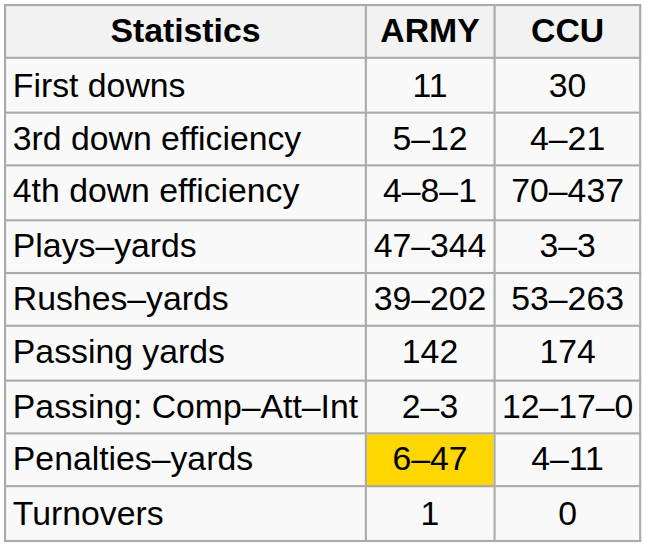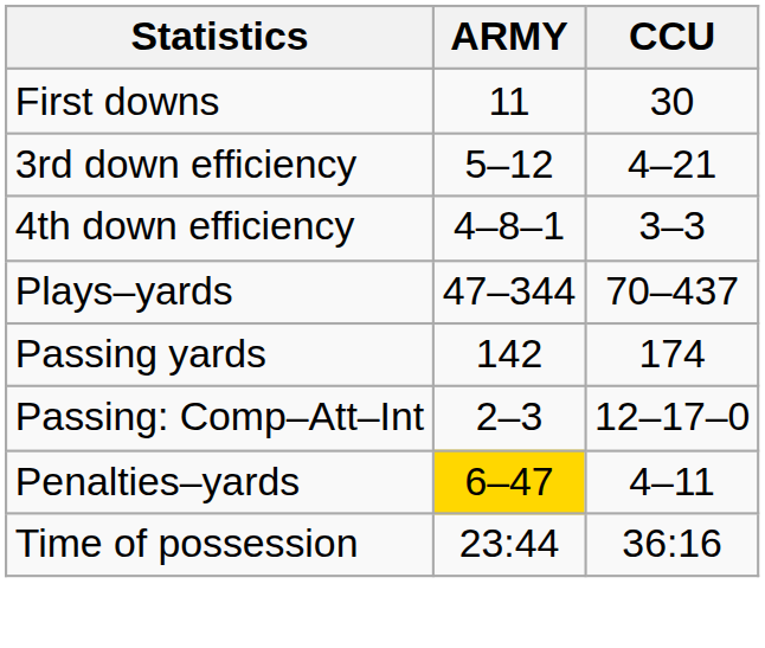 <table class="wikitable">
 <tr>
 <th>Statistics</th>
 <th>ARMY</th>
 <th>CCU</th>
 </tr>
 <tr>
 <td>First downs</td>
 <td align=center>11</td>
 <td align=center>30</td>
 </tr>
 <tr>
 <td>3rd down efficiency</td>
 <td align=center>5–12</td>
 <td align=center>4–21</td>
 </tr>
 <tr>
 <td>4th down efficiency</td>
 <td align=center>4–8–1</td>
-<td align=center>70–437</td>
+<td align=center>3–3</td>
 </tr>
 <tr>
 <td>Plays–yards</td>
 <td align=center>47–344</td>
-<td align=center>3–3</td>
-</tr>
-<tr>
-<td>Rushes–yards</td>
-<td align=center>39–202</td>
-<td align=center>53–263</td>
+<td align=center>70–437</td>
 </tr>
 <tr>
 <td>Passing yards</td>
 <td align=center>142</td>
 <td align=center>174</td>
 </tr>
 <tr>
 <td>Passing: Comp–Att–Int</td>
 <td align=center>2–3</td>
 <td align=center>12–17–0</td>
 </tr>
 <tr>
 <td>Penalties–yards</td>
 <td align=center style="background: gold;">6–47</td>
 <td align=center>4–11</td>
 </tr>
 <tr>
-<td>Turnovers</td>
-<td align=center>1</td>
-<td align=center>0</td>
+<td>Time of possession</td>
+<td align=center>23:44</td>
+<td align=center>36:16</td>
 </tr>
 </table>
